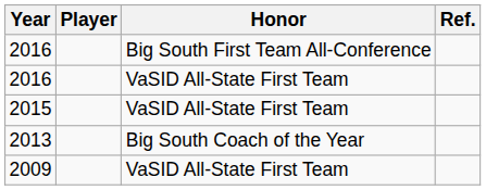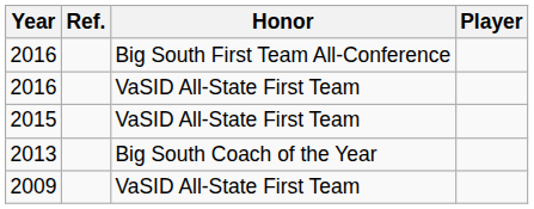 <table class="wikitable sortable" border="1">
 <tr align="center">
 <th>Year</th>
+<th class="unsortable">Ref.</th>
+<th>Honor</th>
 <th>Player</th>
-<th>Honor</th>
-<th class="unsortable">Ref.</th>
 </tr>
 <tr>
 <td>2016</td>
 <td></td>
 <td>Big South First Team All-Conference</td>
 <td></td>
 </tr>
 <tr>
 <td>2016</td>
 <td></td>
 <td>VaSID All-State First Team</td>
 <td></td>
 </tr>
 <tr>
 <td>2015</td>
 <td></td>
 <td>VaSID All-State First Team</td>
 <td></td>
 </tr>
 <tr>
 <td>2013</td>
 <td></td>
 <td>Big South Coach of the Year</td>
 <td></td>
 </tr>
 <tr>
 <td>2009</td>
 <td></td>
 <td>VaSID All-State First Team</td>
 <td></td>
 </tr>
 </table>
